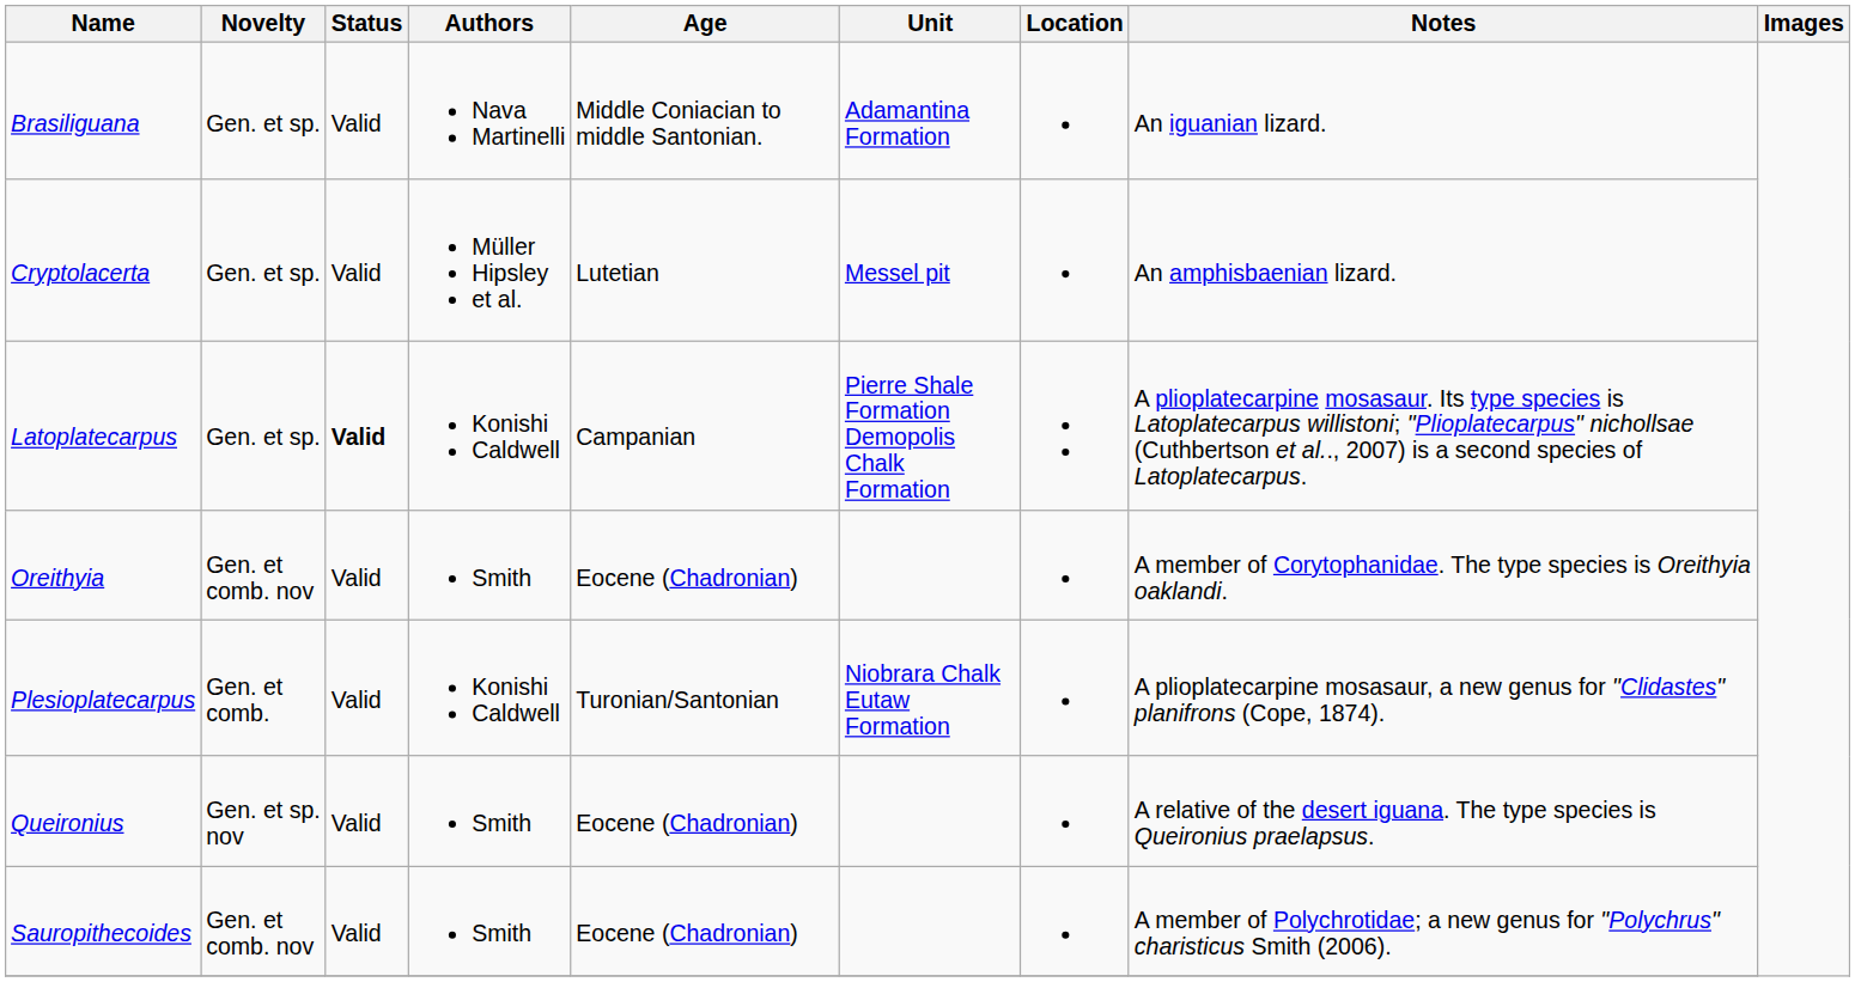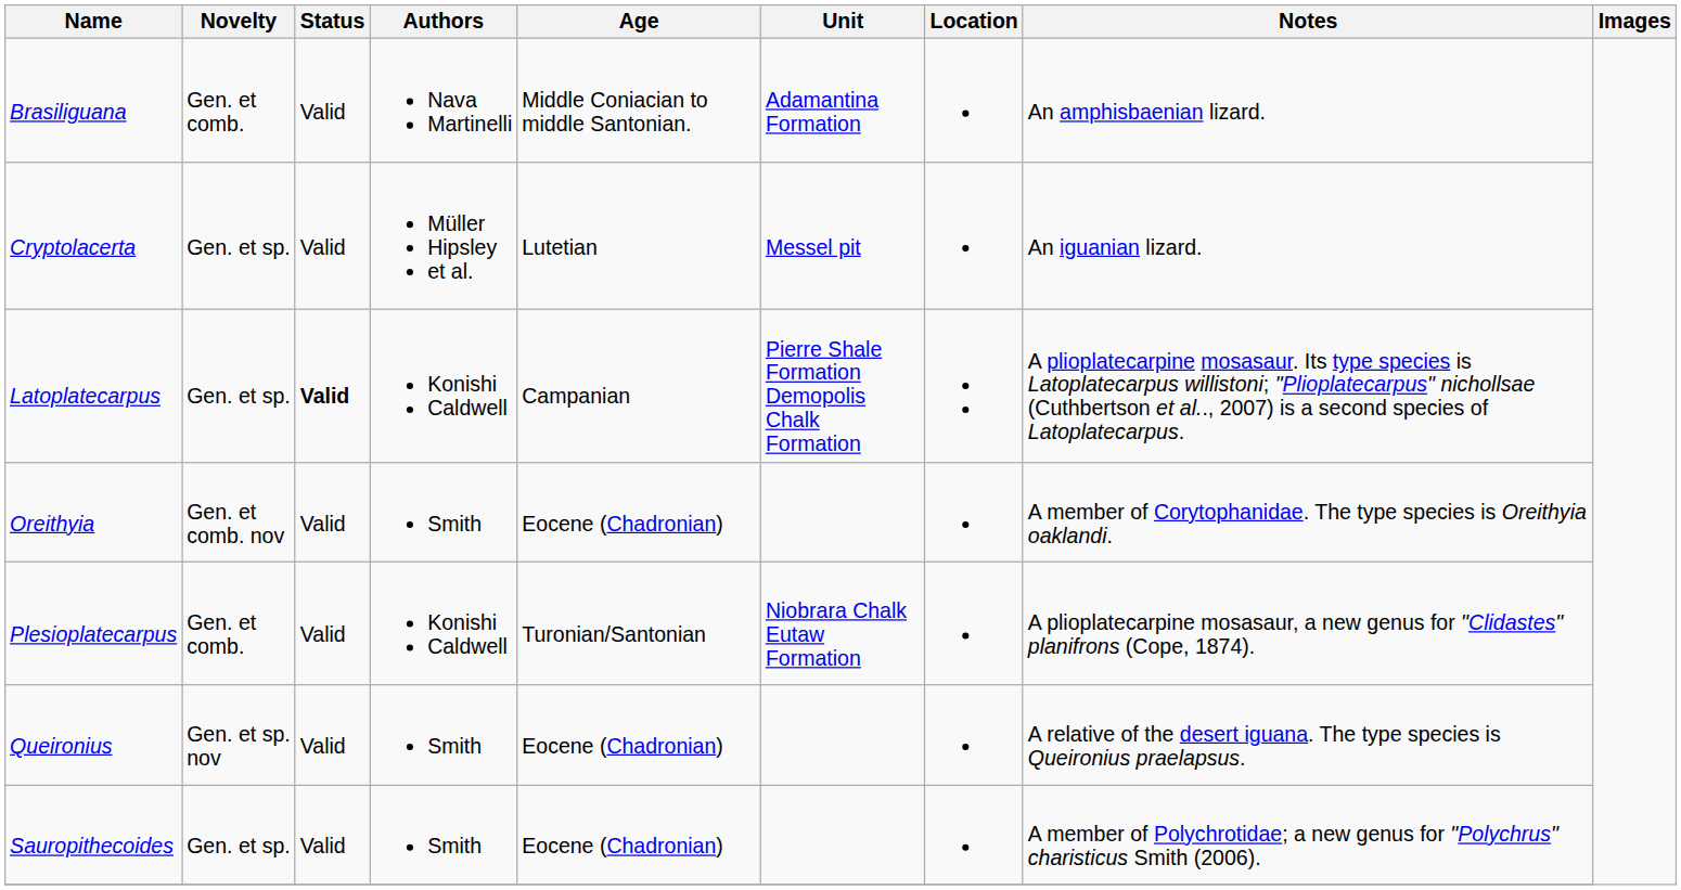 <table class="wikitable sortable" align="center" width="100%">
 <tr>
 <th>Name</th>
 <th>Novelty</th>
 <th>Status</th>
 <th>Authors</th>
 <th>Age</th>
 <th>Unit</th>
 <th>Location</th>
 <th>Notes</th>
 <th>Images</th>
 </tr>
 <tr>
 <td><br><em><a href='#'>Brasiliguana</a></em></td>
-<td><br>Gen. et sp.</td>
+<td><br>Gen. et comb.</td>
 <td><br>Valid</td>
 <td><br><ul><li>Nava</li><li>Martinelli</li></ul></td>
 <td><br>Middle Coniacian to middle Santonian.</td>
 <td><br><a href='#'>Adamantina Formation</a></td>
 <td><br><ul><li></li></ul></td>
-<td><br>An <a href='#'>iguanian</a> lizard.</td>
+<td><br>An <a href='#'>amphisbaenian</a> lizard.</td>
 <td rowspan="47"></td>
 </tr>
 <tr>
 <td><br><em><a href='#'>Cryptolacerta</a></em></td>
 <td><br>Gen. et sp.</td>
 <td><br>Valid</td>
 <td><br><ul><li>Müller</li><li>Hipsley</li><li>et al.</li></ul></td>
 <td><br>Lutetian</td>
 <td><br><a href='#'>Messel pit</a></td>
 <td><br><ul><li></li></ul></td>
-<td><br>An <a href='#'>amphisbaenian</a> lizard.</td>
+<td><br>An <a href='#'>iguanian</a> lizard.</td>
 </tr>
 <tr>
 <td><br><em><a href='#'>Latoplatecarpus</a></em></td>
 <td><br>Gen. et sp.</td>
 <td><strong><br>Valid</strong></td>
 <td><br><ul><li>Konishi</li><li>Caldwell</li></ul></td>
 <td><br>Campanian</td>
 <td><br><a href='#'>Pierre Shale Formation</a><br> <a href='#'>Demopolis Chalk Formation</a></td>
 <td><br><ul><li></li><li></li></ul></td>
 <td><br>A <a href='#'>plioplatecarpine</a> <a href='#'>mosasaur</a>. Its <a href='#'>type species</a> is <em>Latoplatecarpus willistoni</em>; <em>"<a href='#'>Plioplatecarpus</a>" nichollsae</em> (Cuthbertson <em>et al.</em>., 2007) is a second species of <em>Latoplatecarpus</em>.</td>
 </tr>
 <tr>
 <td><br><em><a href='#'>Oreithyia</a></em></td>
 <td><br>Gen. et comb. nov</td>
 <td><br>Valid</td>
 <td><br><ul><li>Smith</li></ul></td>
 <td><br>Eocene (<a href='#'>Chadronian</a>)</td>
 <td></td>
 <td><br><ul><li></li></ul></td>
 <td><br>A member of <a href='#'>Corytophanidae</a>. The type species is <em>Oreithyia oaklandi</em>.</td>
 </tr>
 <tr>
 <td><br><em><a href='#'>Plesioplatecarpus</a></em></td>
 <td><br>Gen. et comb.</td>
 <td><br>Valid</td>
 <td><br><ul><li>Konishi</li><li>Caldwell</li></ul></td>
 <td><br>Turonian/Santonian</td>
 <td><br><a href='#'>Niobrara Chalk</a><br> <a href='#'>Eutaw Formation</a></td>
 <td><br><ul><li></li></ul></td>
 <td><br>A plioplatecarpine mosasaur, a new genus for <em>"<a href='#'>Clidastes</a>" planifrons</em> (Cope, 1874).</td>
 </tr>
 <tr>
 <td><br><em><a href='#'>Queironius</a></em></td>
 <td><br>Gen. et sp. nov</td>
 <td><br>Valid</td>
 <td><br><ul><li>Smith</li></ul></td>
 <td><br>Eocene (<a href='#'>Chadronian</a>)</td>
 <td></td>
 <td><br><ul><li></li></ul></td>
 <td><br>A relative of the <a href='#'>desert iguana</a>. The type species is <em>Queironius praelapsus</em>.</td>
 </tr>
 <tr>
 <td><br><em><a href='#'>Sauropithecoides</a></em></td>
-<td><br>Gen. et comb. nov</td>
+<td><br>Gen. et sp.</td>
 <td><br>Valid</td>
 <td><br><ul><li>Smith</li></ul></td>
 <td><br>Eocene (<a href='#'>Chadronian</a>)</td>
 <td></td>
 <td><br><ul><li></li></ul></td>
 <td><br>A member of <a href='#'>Polychrotidae</a>; a new genus for <em>"<a href='#'>Polychrus</a>" charisticus</em> Smith (2006).</td>
 </tr>
 <tr>
 </tr>
 </table>
